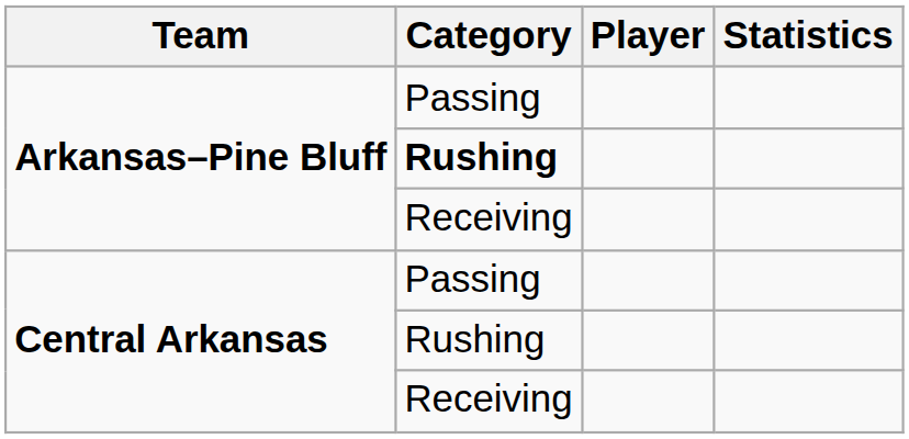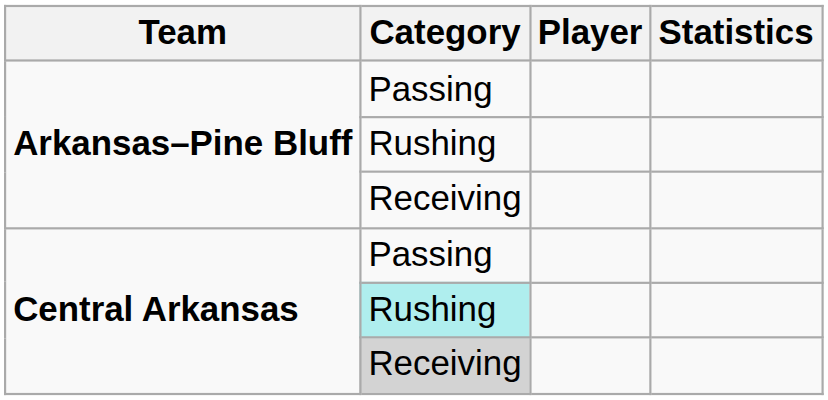 <table class="wikitable" style="float: left;">
 <tr>
 <th>Team</th>
 <th>Category</th>
 <th>Player</th>
 <th>Statistics</th>
 </tr>
 <tr>
 <td rowspan=3><strong>Arkansas–Pine Bluff</strong></td>
 <td>Passing</td>
 <td> </td>
 <td> </td>
 </tr>
 <tr>
-<td><strong>Rushing</strong></td>
+<td>Rushing</td>
 <td> </td>
 <td> </td>
 </tr>
 <tr>
 <td>Receiving</td>
 <td> </td>
 <td> </td>
 </tr>
 <tr>
 <td rowspan=3><strong>Central Arkansas</strong></td>
 <td>Passing</td>
 <td> </td>
 <td> </td>
 </tr>
 <tr>
-<td>Rushing</td>
+<td style="background: paleturquoise;">Rushing</td>
 <td> </td>
 <td> </td>
 </tr>
 <tr>
-<td>Receiving</td>
+<td style="background: lightgrey;">Receiving</td>
 <td> </td>
 <td> </td>
 </tr>
 </table>
